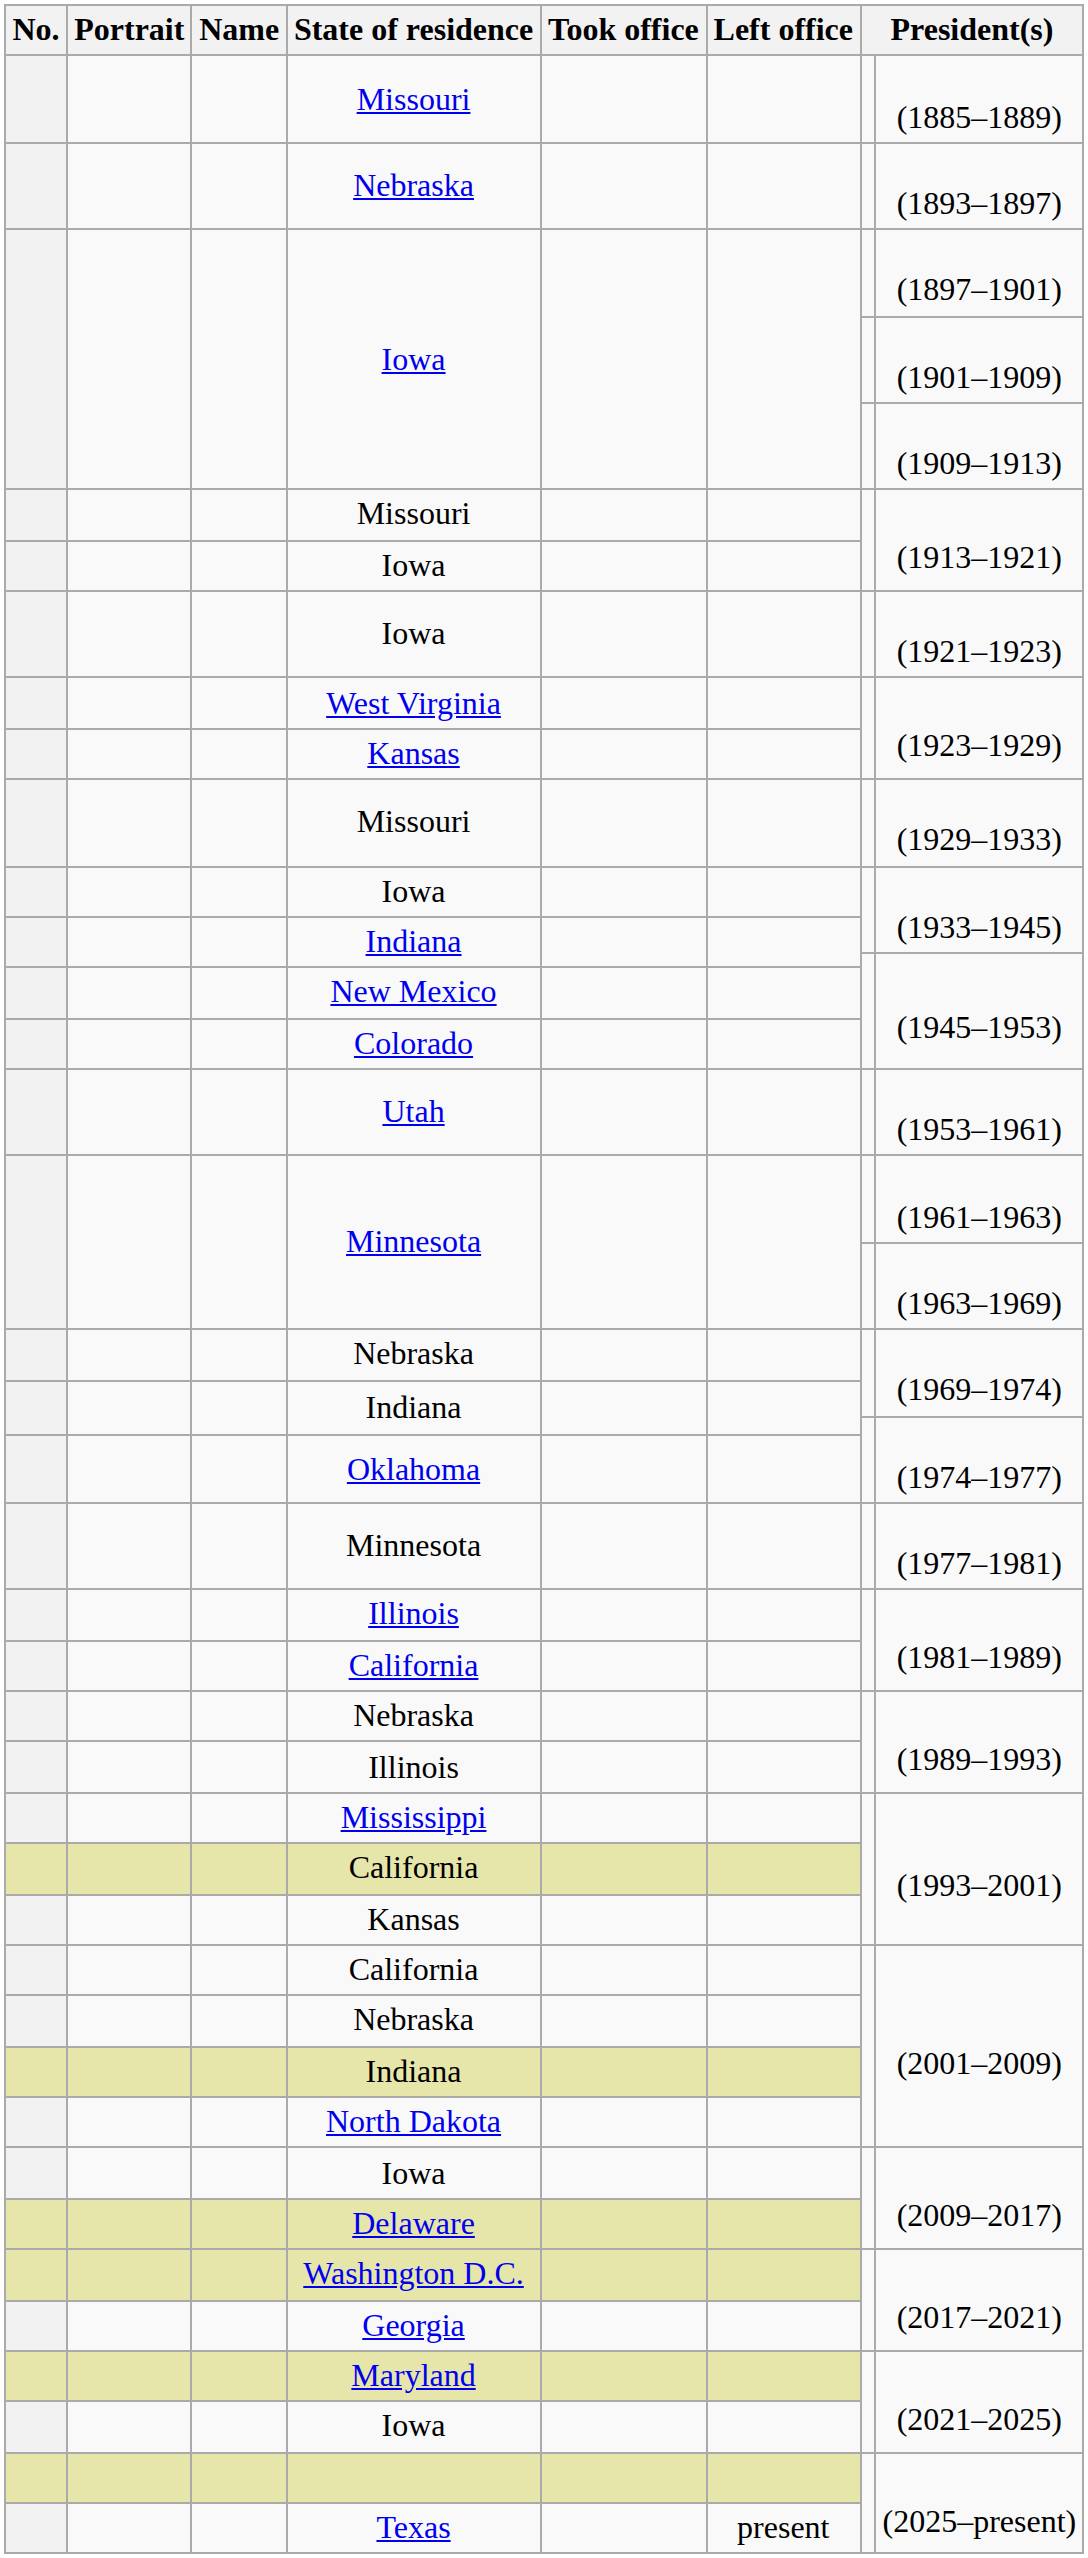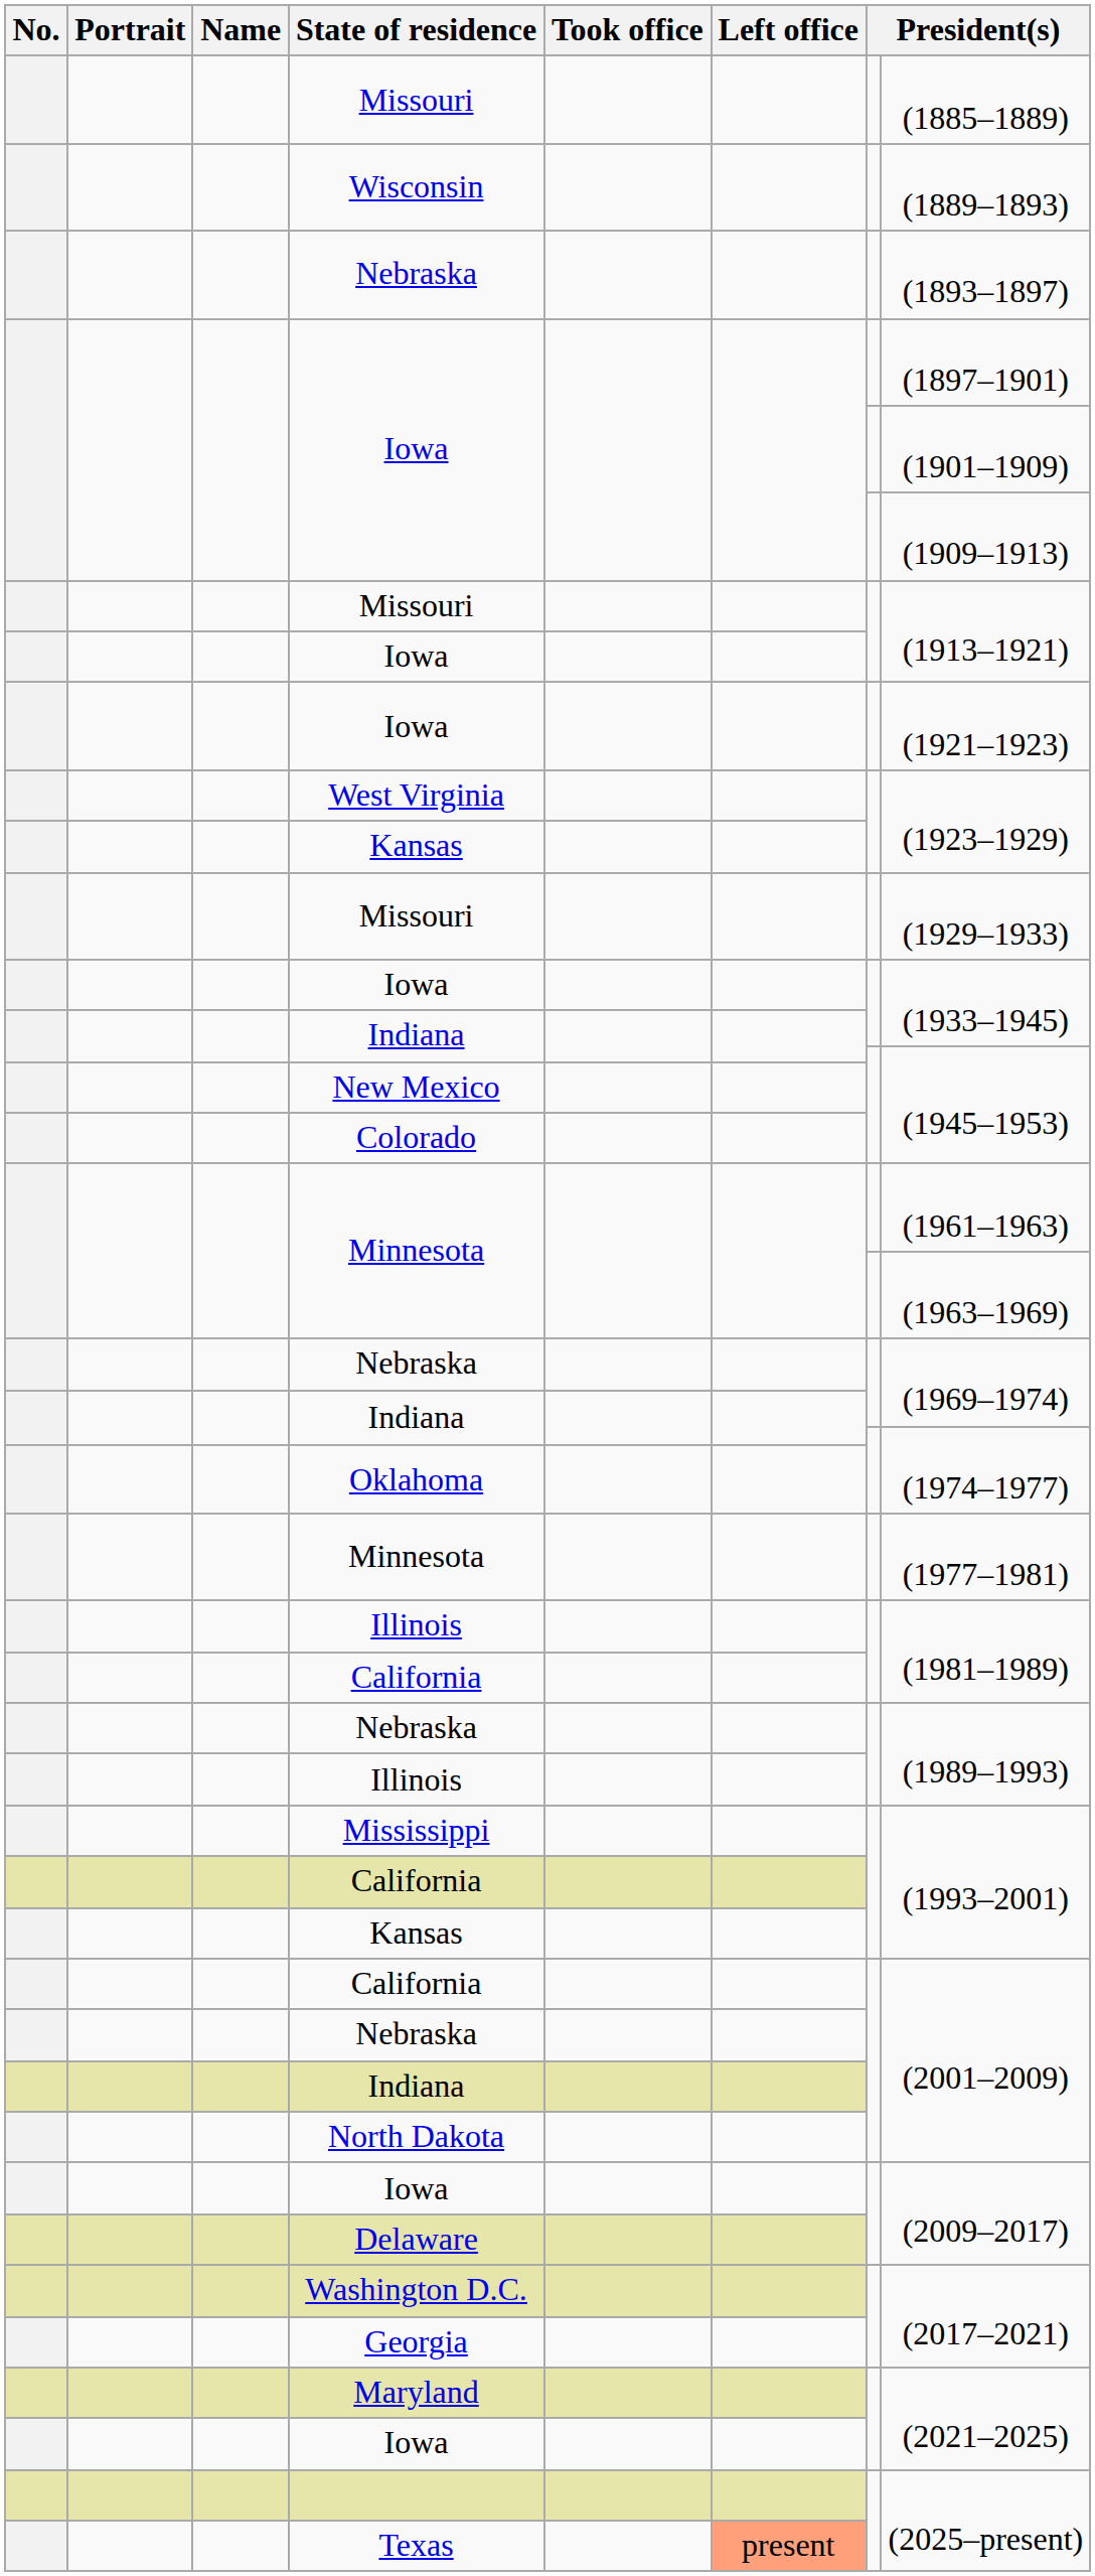 <table class="wikitable sortable" style="clear:left; text-align:center">
 <tr>
 <th>No.</th>
 <th class=unsortable>Portrait</th>
 <th>Name</th>
 <th>State of residence</th>
 <th>Took office</th>
 <th>Left office</th>
 <th colspan=2>President(s)</th>
 </tr>
 <tr>
 <th style="background: "></th>
 <td></td>
 <td></td>
 <td><a href='#'>Missouri</a></td>
 <td></td>
 <td></td>
 <td style="background: "></td>
 <td><br>(1885–1889)</td>
+</tr>
+<tr>
+<th style="background: "></th>
+<td></td>
+<td></td>
+<td><a href='#'>Wisconsin</a></td>
+<td></td>
+<td></td>
+<td style="background: "></td>
+<td><br>(1889–1893)</td>
 </tr>
 <tr>
 <th style="background: "></th>
 <td></td>
 <td></td>
 <td><a href='#'>Nebraska</a></td>
 <td></td>
 <td></td>
 <td style="background: "></td>
 <td><br>(1893–1897)</td>
 </tr>
 <tr>
 <th rowspan=3 style="background: "></th>
 <td rowspan=3></td>
 <td rowspan=3></td>
 <td rowspan=3><a href='#'>Iowa</a></td>
 <td rowspan=3></td>
 <td rowspan=3></td>
 <td style="background: "></td>
 <td><br>(1897–1901)</td>
 </tr>
 <tr>
 <td style="background: "></td>
 <td><br>(1901–1909)</td>
 </tr>
 <tr>
 <td style="background: "></td>
 <td><br>(1909–1913)</td>
 </tr>
 <tr>
 <th style="background: "></th>
 <td></td>
 <td></td>
 <td>Missouri</td>
 <td></td>
 <td></td>
 <td rowspan=2 style="background: "></td>
 <td rowspan=2><br>(1913–1921)</td>
 </tr>
 <tr>
 <th style="background: "></th>
 <td></td>
 <td></td>
 <td>Iowa</td>
 <td></td>
 <td></td>
 </tr>
 <tr>
 <th rowspan=2 style="background: "></th>
 <td rowspan=2></td>
 <td rowspan=2></td>
 <td rowspan=2>Iowa</td>
 <td rowspan=2></td>
 <td rowspan=2></td>
 <td style="background: "></td>
 <td><br>(1921–1923)</td>
 </tr>
 <tr>
 <td rowspan=3 style="background: "></td>
 <td rowspan=3><br>(1923–1929)</td>
 </tr>
 <tr>
 <th style="background: "></th>
 <td></td>
 <td></td>
 <td><a href='#'>West Virginia</a></td>
 <td></td>
 <td></td>
 </tr>
 <tr>
 <th style="background: "></th>
 <td></td>
 <td></td>
 <td><a href='#'>Kansas</a></td>
 <td></td>
 <td></td>
 </tr>
 <tr>
 <th style="background: "></th>
 <td></td>
 <td></td>
 <td>Missouri</td>
 <td></td>
 <td></td>
 <td style="background: "></td>
 <td><br>(1929–1933)</td>
 </tr>
 <tr>
 <th style="background: "></th>
 <td></td>
 <td></td>
 <td>Iowa</td>
 <td></td>
 <td></td>
 <td rowspan=2 style="background: "></td>
 <td rowspan=2><br>(1933–1945)</td>
 </tr>
 <tr>
 <th rowspan=2 style="background: "></th>
 <td rowspan=2></td>
 <td rowspan=2></td>
 <td rowspan=2><a href='#'>Indiana</a></td>
 <td rowspan=2></td>
 <td rowspan=2></td>
 </tr>
 <tr>
 <td rowspan=3 style="background: "></td>
 <td rowspan=3><br>(1945–1953)</td>
 </tr>
 <tr>
 <th style="background: "></th>
 <td></td>
 <td></td>
 <td><a href='#'>New Mexico</a></td>
 <td></td>
 <td></td>
 </tr>
 <tr>
 <th style="background: "></th>
 <td></td>
 <td></td>
 <td><a href='#'>Colorado</a></td>
 <td></td>
 <td></td>
-</tr>
-<tr>
-<th style="background: "></th>
-<td></td>
-<td></td>
-<td><a href='#'>Utah</a></td>
-<td></td>
-<td></td>
-<td style="background: "></td>
-<td><br>(1953–1961)</td>
 </tr>
 <tr>
 <th rowspan=2 style="background: "></th>
 <td rowspan=2></td>
 <td rowspan=2></td>
 <td rowspan=2><a href='#'>Minnesota</a></td>
 <td rowspan=2></td>
 <td rowspan=2></td>
 <td style="background: "></td>
 <td><br>(1961–1963)</td>
 </tr>
 <tr>
 <td style="background: "></td>
 <td><br>(1963–1969)</td>
 </tr>
 <tr>
 <th style="background: "></th>
 <td></td>
 <td></td>
 <td>Nebraska</td>
 <td></td>
 <td></td>
 <td rowspan=2 style="background: "></td>
 <td rowspan=2><br>(1969–1974)</td>
 </tr>
 <tr>
 <th rowspan=2 style="background: "></th>
 <td rowspan=2></td>
 <td rowspan=2></td>
 <td rowspan=2>Indiana</td>
 <td rowspan=2></td>
 <td rowspan=2></td>
 </tr>
 <tr>
 <td rowspan=2 style="background: "></td>
 <td rowspan=2><br>(1974–1977)</td>
 </tr>
 <tr>
 <th style="background: "></th>
 <td></td>
 <td></td>
 <td><a href='#'>Oklahoma</a></td>
 <td></td>
 <td></td>
 </tr>
 <tr>
 <th style="background: "></th>
 <td></td>
 <td></td>
 <td>Minnesota</td>
 <td></td>
 <td></td>
 <td style="background: "></td>
 <td><br>(1977–1981)</td>
 </tr>
 <tr>
 <th style="background: "></th>
 <td></td>
 <td></td>
 <td><a href='#'>Illinois</a></td>
 <td></td>
 <td></td>
 <td rowspan=2 style="background: "></td>
 <td rowspan=2><br>(1981–1989)</td>
 </tr>
 <tr>
 <th style="background: "></th>
 <td></td>
 <td></td>
 <td><a href='#'>California</a></td>
 <td></td>
 <td></td>
 </tr>
 <tr>
 <th style="background: "></th>
 <td></td>
 <td></td>
 <td>Nebraska</td>
 <td></td>
 <td></td>
 <td rowspan=2 style="background: "></td>
 <td rowspan=2><br>(1989–1993)</td>
 </tr>
 <tr>
 <th style="background: "></th>
 <td></td>
 <td></td>
 <td>Illinois</td>
 <td></td>
 <td></td>
 </tr>
 <tr>
 <th style="background: "></th>
 <td></td>
 <td></td>
 <td><a href='#'>Mississippi</a></td>
 <td></td>
 <td></td>
 <td rowspan=3 style="background: "></td>
 <td rowspan=3><br>(1993–2001)</td>
 </tr>
 <tr>
 <td bgcolor="#E6E6AA"></td>
 <td bgcolor="#E6E6AA"></td>
 <td bgcolor="#E6E6AA"><br></td>
 <td bgcolor="#E6E6AA">California</td>
 <td bgcolor="#E6E6AA"></td>
 <td bgcolor="#E6E6AA"></td>
 </tr>
 <tr>
 <th style="background: "></th>
 <td></td>
 <td></td>
 <td>Kansas</td>
 <td></td>
 <td></td>
 </tr>
 <tr>
 <th style="background: "></th>
 <td></td>
 <td></td>
 <td>California</td>
 <td></td>
 <td></td>
 <td rowspan=4 style="background: "></td>
 <td rowspan=4><br>(2001–2009)</td>
 </tr>
 <tr>
 <th style="background: "></th>
 <td></td>
 <td></td>
 <td>Nebraska</td>
 <td></td>
 <td></td>
 </tr>
 <tr>
 <td bgcolor="#E6E6AA"></td>
 <td bgcolor="#E6E6AA"></td>
 <td bgcolor="#E6E6AA"><br></td>
 <td bgcolor="#E6E6AA">Indiana</td>
 <td bgcolor="#E6E6AA"></td>
 <td bgcolor="#E6E6AA"></td>
 </tr>
 <tr>
 <th style="background: "></th>
 <td></td>
 <td></td>
 <td><a href='#'>North Dakota</a></td>
 <td></td>
 <td></td>
 </tr>
 <tr>
 <th style="background: "></th>
 <td></td>
 <td></td>
 <td>Iowa</td>
 <td></td>
 <td></td>
 <td rowspan=2 style="background: "></td>
 <td rowspan=2><br>(2009–2017)</td>
 </tr>
 <tr>
 <th style="background:#E6E6AA;"></th>
 <td bgcolor="#E6E6AA"></td>
 <td bgcolor="#E6E6AA"><br></td>
 <td bgcolor="#E6E6AA"><a href='#'>Delaware</a></td>
 <td bgcolor="#E6E6AA"></td>
 <td bgcolor="#E6E6AA"></td>
 </tr>
 <tr>
 <th style="background:#E6E6AA;"></th>
 <td bgcolor="#E6E6AA"></td>
 <td bgcolor="#E6E6AA"><br></td>
 <td bgcolor="#E6E6AA"><a href='#'>Washington D.C.</a></td>
 <td bgcolor="#E6E6AA"></td>
 <td bgcolor="#E6E6AA"></td>
 <td rowspan=2 style="background: "></td>
 <td rowspan=2><br>(2017–2021)</td>
 </tr>
 <tr>
 <th style="background: "></th>
 <td></td>
 <td></td>
 <td><a href='#'>Georgia</a></td>
 <td></td>
 <td></td>
 </tr>
 <tr>
 <th style="background:#E6E6AA;"></th>
 <td bgcolor="#E6E6AA"></td>
 <td bgcolor="#E6E6AA"><br></td>
 <td bgcolor="#E6E6AA"><a href='#'>Maryland</a></td>
 <td bgcolor="#E6E6AA"></td>
 <td bgcolor="#E6E6AA"></td>
 <td rowspan=2 style="background: "></td>
 <td rowspan=2><br>(2021–2025)</td>
 </tr>
 <tr>
 <th style="background: "></th>
 <td></td>
 <td></td>
 <td>Iowa</td>
 <td></td>
 <td></td>
 </tr>
 <tr>
 <th style="background:#E6E6AA;"></th>
 <td bgcolor="#E6E6AA"></td>
 <td bgcolor="#E6E6AA"><br></td>
 <td bgcolor="#E6E6AA"></td>
 <td bgcolor="#E6E6AA"></td>
 <td bgcolor="#E6E6AA"></td>
 <td rowspan=2 style="background: "></td>
 <td rowspan=2><br>(2025–present)</td>
 </tr>
 <tr>
 <th style="background: "></th>
 <td></td>
 <td></td>
 <td><a href='#'>Texas</a></td>
 <td></td>
-<td>present</td>
+<td style="background: lightsalmon;">present</td>
 </tr>
 </table>
